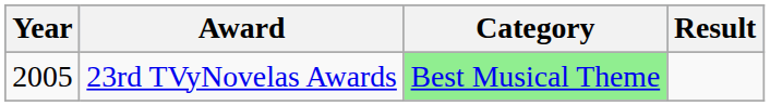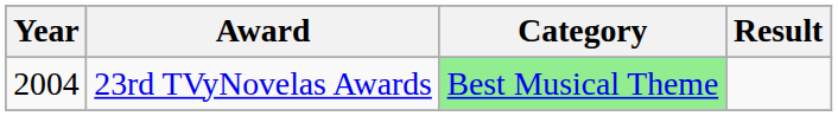 <table class="wikitable">
 <tr style="background:#b0c4de;">
 <th>Year</th>
 <th>Award</th>
 <th>Category</th>
 <th>Result</th>
 </tr>
 <tr>
-<td>2005</td>
+<td>2004</td>
 <td><a href='#'>23rd TVyNovelas Awards</a></td>
 <td style="background: lightgreen;"><a href='#'>Best Musical Theme</a></td>
 <td></td>
 </tr>
 </table>
